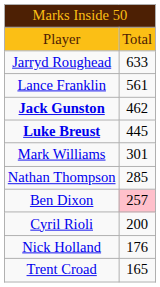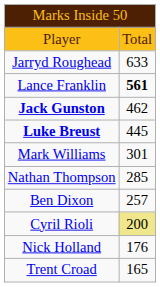 <table class="wikitable" style="text-align:center;">
 <tr>
 <td colspan="2" style="text-align:center; background: #4D2004; color: #FBBF15">Marks Inside 50</td>
 </tr>
 <tr>
 <td style="text-align:center; background: #FBBF15; color: #4D2004">Player</td>
 <td style="text-align:center; background: #FBBF15; color: #4D2004">Total</td>
 </tr>
 <tr>
 <td><a href='#'>Jarryd Roughead</a></td>
 <td>633</td>
 </tr>
 <tr>
 <td><a href='#'>Lance Franklin</a></td>
-<td>561</td>
+<td><strong>561</strong></td>
 </tr>
 <tr>
 <td><strong><a href='#'>Jack Gunston</a></strong></td>
 <td>462</td>
 </tr>
 <tr>
 <td><strong><a href='#'>Luke Breust</a></strong></td>
 <td>445</td>
 </tr>
 <tr>
 <td><a href='#'>Mark Williams</a></td>
 <td>301</td>
 </tr>
 <tr>
 <td><a href='#'>Nathan Thompson</a></td>
 <td>285</td>
 </tr>
 <tr>
 <td><a href='#'>Ben Dixon</a></td>
-<td style="background: pink;">257</td>
+<td>257</td>
 </tr>
 <tr>
 <td><a href='#'>Cyril Rioli</a></td>
-<td>200</td>
+<td style="background: khaki;">200</td>
 </tr>
 <tr>
 <td><a href='#'>Nick Holland</a></td>
 <td>176</td>
 </tr>
 <tr>
 <td><a href='#'>Trent Croad</a></td>
 <td>165</td>
 </tr>
 </table>
